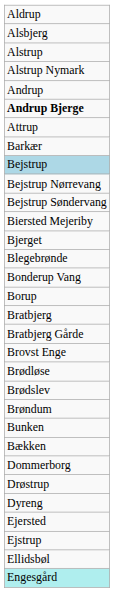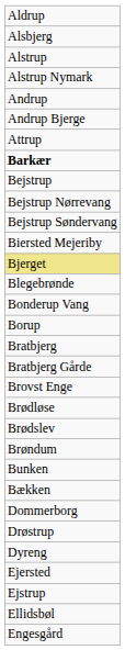 <table class="wikitable" style="float:left; margin-right:1em">
 <tr>
 <td>Aldrup</td>
 </tr>
 <tr>
 <td>Alsbjerg</td>
 </tr>
 <tr>
 <td>Alstrup</td>
 </tr>
 <tr>
 <td>Alstrup Nymark</td>
 </tr>
 <tr>
 <td>Andrup</td>
 </tr>
 <tr>
-<td><strong>Andrup Bjerge</strong></td>
+<td>Andrup Bjerge</td>
 </tr>
 <tr>
 <td>Attrup</td>
 </tr>
 <tr>
-<td>Barkær</td>
+<td><strong>Barkær</strong></td>
 </tr>
 <tr>
-<td style="background: lightblue;">Bejstrup</td>
+<td>Bejstrup</td>
 </tr>
 <tr>
 <td>Bejstrup Nørrevang</td>
 </tr>
 <tr>
 <td>Bejstrup Søndervang</td>
 </tr>
 <tr>
 <td>Biersted Mejeriby</td>
 </tr>
 <tr>
-<td>Bjerget</td>
+<td style="background: khaki;">Bjerget</td>
 </tr>
 <tr>
 <td>Blegebrønde</td>
 </tr>
 <tr>
 <td>Bonderup Vang</td>
 </tr>
 <tr>
 <td>Borup</td>
 </tr>
 <tr>
 <td>Bratbjerg</td>
 </tr>
 <tr>
 <td>Bratbjerg Gårde</td>
 </tr>
 <tr>
 <td>Brovst Enge</td>
 </tr>
 <tr>
 <td>Brødløse</td>
 </tr>
 <tr>
 <td>Brødslev</td>
 </tr>
 <tr>
 <td>Brøndum</td>
 </tr>
 <tr>
 <td>Bunken</td>
 </tr>
 <tr>
 <td>Bækken</td>
 </tr>
 <tr>
 <td>Dommerborg</td>
 </tr>
 <tr>
 <td>Drøstrup</td>
 </tr>
 <tr>
 <td>Dyreng</td>
 </tr>
 <tr>
 <td>Ejersted</td>
 </tr>
 <tr>
 <td>Ejstrup</td>
 </tr>
 <tr>
 <td>Ellidsbøl</td>
 </tr>
 <tr>
-<td style="background: paleturquoise;">Engesgård</td>
+<td>Engesgård</td>
 </tr>
 </table>
